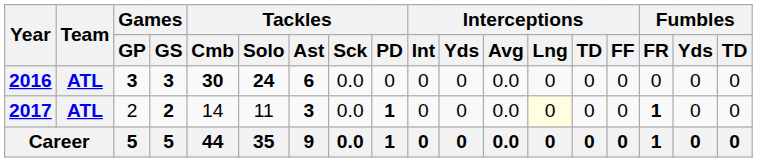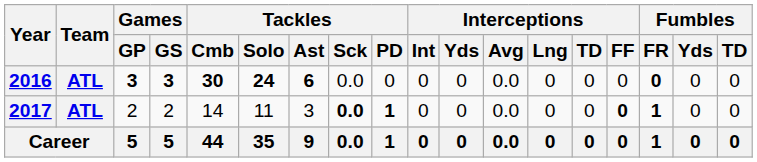 <table class="wikitable" style="text-align:center;">
 <tr>
 <th rowspan="2">Year</th>
 <th rowspan="2">Team</th>
 <th colspan="2">Games</th>
 <th colspan="5">Tackles</th>
 <th colspan="6">Interceptions</th>
 <th colspan="4">Fumbles</th>
 </tr>
 <tr>
 <th>GP</th>
 <th>GS</th>
 <th>Cmb</th>
 <th>Solo</th>
 <th>Ast</th>
 <th>Sck</th>
 <th>PD</th>
 <th>Int</th>
 <th>Yds</th>
 <th>Avg</th>
 <th>Lng</th>
 <th>TD</th>
 <th>FF</th>
 <th>FR</th>
 <th>Yds</th>
 <th>TD</th>
 </tr>
 <tr>
 <th><a href='#'>2016</a></th>
 <th><a href='#'>ATL</a></th>
 <td><strong>3</strong></td>
 <td><strong>3</strong></td>
 <td><strong>30</strong></td>
 <td><strong>24</strong></td>
 <td><strong>6</strong></td>
 <td>0.0</td>
 <td>0</td>
 <td>0</td>
 <td>0</td>
 <td>0.0</td>
 <td>0</td>
 <td>0</td>
 <td>0</td>
-<td>0</td>
+<td><strong>0</strong></td>
 <td>0</td>
 <td>0</td>
 </tr>
 <tr>
 <th><a href='#'>2017</a></th>
 <th><a href='#'>ATL</a></th>
 <td>2</td>
-<td><strong>2</strong></td>
+<td>2</td>
 <td>14</td>
 <td>11</td>
-<td><strong>3</strong></td>
-<td>0.0</td>
+<td>3</td>
+<td><strong>0.0</strong></td>
 <td><strong>1</strong></td>
 <td>0</td>
 <td>0</td>
 <td>0.0</td>
-<td style="background: lightyellow;">0</td>
 <td>0</td>
 <td>0</td>
+<td><strong>0</strong></td>
 <td><strong>1</strong></td>
 <td>0</td>
 <td>0</td>
 </tr>
 <tr>
 <th colspan="2">Career</th>
 <th>5</th>
 <th>5</th>
 <th>44</th>
 <th>35</th>
 <th>9</th>
 <th>0.0</th>
 <th>1</th>
 <th>0</th>
 <th>0</th>
 <th>0.0</th>
 <th>0</th>
 <th>0</th>
 <th>0</th>
 <th>1</th>
 <th>0</th>
 <th>0</th>
 </tr>
 </table>
